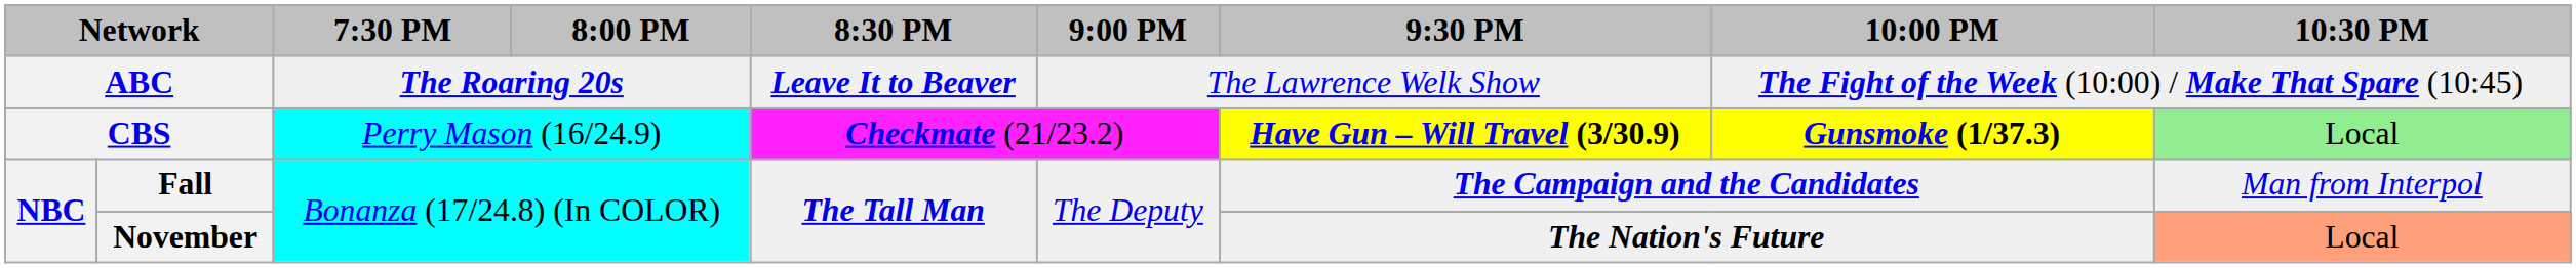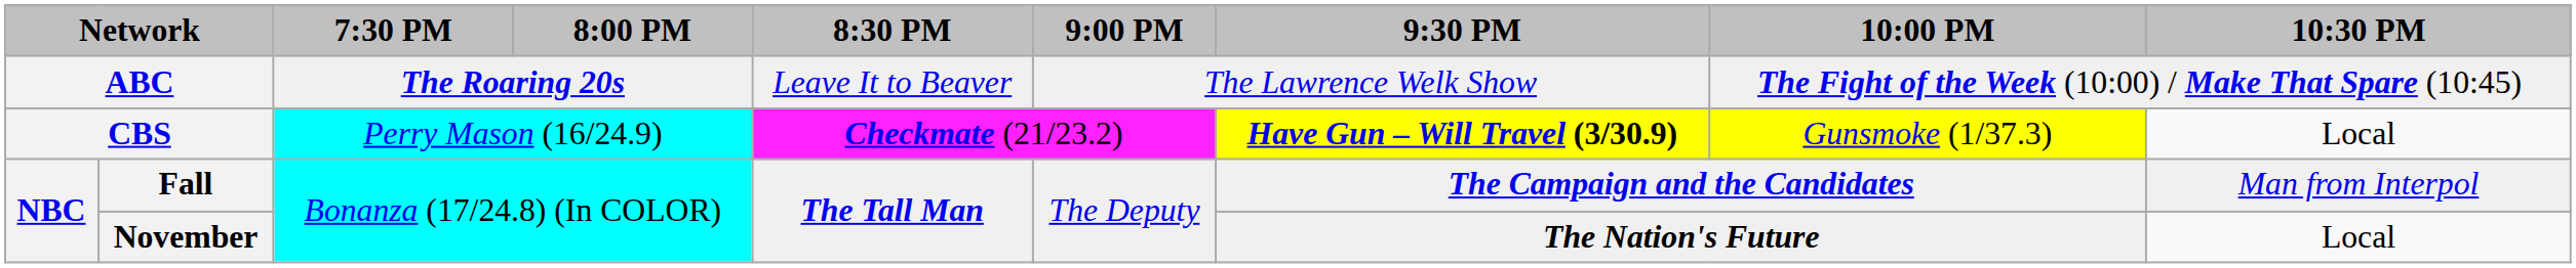 <table class="wikitable" style="width:100%;margin-right:0;text-align:center">
 <tr>
 <th style="background-color:#C0C0C0;text-align:center" colspan="2">Network</th>
 <th style="background-color:#C0C0C0;text-align:center">7:30 PM</th>
 <th style="background-color:#C0C0C0;text-align:center">8:00 PM</th>
 <th style="background-color:#C0C0C0;text-align:center">8:30 PM</th>
 <th style="background-color:#C0C0C0;text-align:center">9:00 PM</th>
 <th style="background-color:#C0C0C0;text-align:center">9:30 PM</th>
 <th style="background-color:#C0C0C0;text-align:center">10:00 PM</th>
 <th style="background-color:#C0C0C0;text-align:center">10:30 PM</th>
 </tr>
 <tr>
 <th colspan="2"><a href='#'>ABC</a></th>
 <td bgcolor="#F0F0F0" colspan="2"><strong><em><a href='#'>The Roaring 20s</a></em></strong></td>
-<td bgcolor="#F0F0F0"><strong><em><a href='#'>Leave It to Beaver</a></em></strong></td>
+<td bgcolor="#F0F0F0"><em><a href='#'>Leave It to Beaver</a></em></td>
 <td bgcolor="#F0F0F0" colspan="2"><em><a href='#'>The Lawrence Welk Show</a></em></td>
 <td bgcolor="#F0F0F0" colspan="2"><strong><em><a href='#'>The Fight of the Week</a></em></strong> (10:00) / <strong><em><a href='#'>Make That Spare</a></em></strong> (10:45)</td>
 </tr>
 <tr>
 <th colspan="2"><a href='#'>CBS</a></th>
 <td bgcolor="#00FFFF" colspan="2"><em><a href='#'>Perry Mason</a></em> (16/24.9)</td>
 <td bgcolor="#FF22FF" colspan="2"><strong><em><a href='#'>Checkmate</a></em></strong> (21/23.2)</td>
 <td bgcolor="#FFFF00"><strong><em><a href='#'>Have Gun – Will Travel</a></em> (3/30.9)</strong></td>
-<td bgcolor="#FFFF00"><strong><em><a href='#'>Gunsmoke</a></em> (1/37.3)</strong></td>
-<td style="background: lightgreen;">Local</td>
+<td bgcolor="#FFFF00"><em><a href='#'>Gunsmoke</a></em> (1/37.3)</td>
+<td>Local</td>
 </tr>
 <tr>
 <th rowspan="2"><a href='#'>NBC</a></th>
 <th>Fall</th>
 <td bgcolor="#00FFFF" colspan="2" rowspan="2"><em><a href='#'>Bonanza</a></em> (17/24.8) (In <span>C</span><span>O</span><span>L</span><span>O</span><span>R</span>)</td>
 <td bgcolor="#F0F0F0" rowspan="2"><strong><em><a href='#'>The Tall Man</a></em></strong></td>
 <td bgcolor="#F0F0F0" rowspan="2"><em><a href='#'>The Deputy</a></em></td>
 <td bgcolor="#F0F0F0" colspan="2"><strong><em><a href='#'>The Campaign and the Candidates</a></em></strong></td>
 <td bgcolor="#F0F0F0"><em><a href='#'>Man from Interpol</a></em></td>
 </tr>
 <tr>
 <th>November</th>
 <td bgcolor="#F0F0F0" colspan="2"><strong><em>The Nation's Future</em></strong></td>
-<td style="background: lightsalmon;">Local</td>
+<td>Local</td>
 </tr>
 </table>
